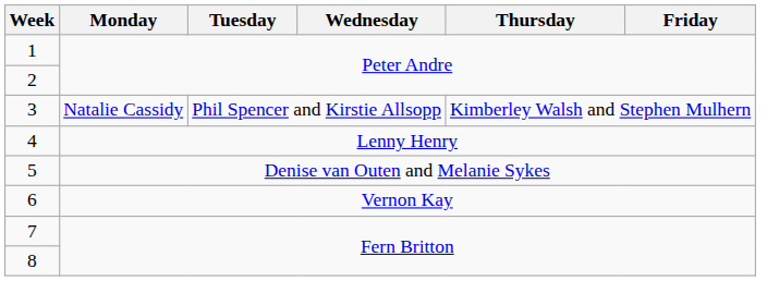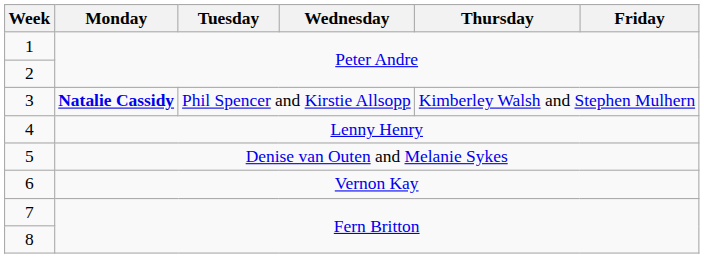 <table class="wikitable" style="text-align:center;">
 <tr>
 <th>Week</th>
 <th>Monday</th>
 <th>Tuesday</th>
 <th>Wednesday</th>
 <th>Thursday</th>
 <th>Friday</th>
 </tr>
 <tr>
 <td>1</td>
 <td rowspan="2" colspan="5"><a href='#'>Peter Andre</a></td>
 </tr>
 <tr>
 <td>2</td>
 </tr>
 <tr>
 <td>3</td>
-<td><a href='#'>Natalie Cassidy</a></td>
+<td><strong><a href='#'>Natalie Cassidy</a></strong></td>
 <td colspan="2"><a href='#'>Phil Spencer</a> and <a href='#'>Kirstie Allsopp</a></td>
 <td colspan="2"><a href='#'>Kimberley Walsh</a> and <a href='#'>Stephen Mulhern</a></td>
 </tr>
 <tr>
 <td>4</td>
 <td colspan="5"><a href='#'>Lenny Henry</a></td>
 </tr>
 <tr>
 <td>5</td>
 <td colspan="5"><a href='#'>Denise van Outen</a> and <a href='#'>Melanie Sykes</a></td>
 </tr>
 <tr>
 <td>6</td>
 <td colspan="5"><a href='#'>Vernon Kay</a></td>
 </tr>
 <tr>
 <td>7</td>
 <td rowspan="2" colspan="5"><a href='#'>Fern Britton</a></td>
 </tr>
 <tr>
 <td>8</td>
 </tr>
 </table>
